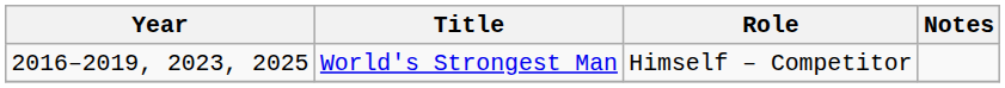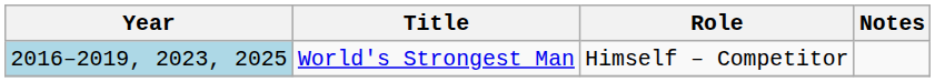 <table class="wikitable sortable">
 <tr>
 <th>Year</th>
 <th>Title</th>
 <th>Role</th>
 <th>Notes</th>
 </tr>
 <tr>
-<td>2016–2019, 2023, 2025</td>
+<td style="background: lightblue;">2016–2019, 2023, 2025</td>
 <td><a href='#'>World's Strongest Man</a></td>
 <td>Himself – Competitor</td>
 <td></td>
 </tr>
 <tr>
 </tr>
 </table>
